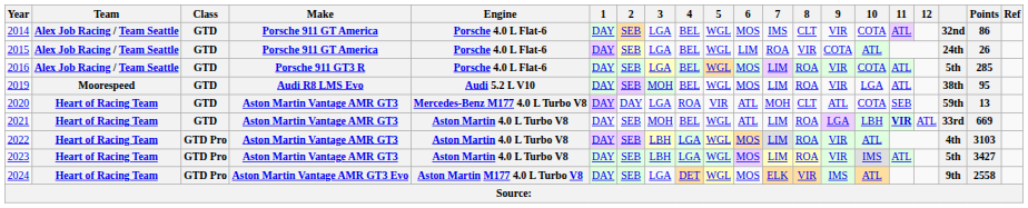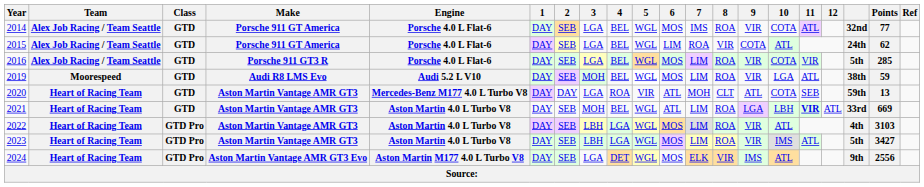 <table class="wikitable" style="text-align:center; font-size:85%">
 <tr>
 <th>Year</th>
 <th>Team</th>
 <th>Class</th>
 <th>Make</th>
 <th>Engine</th>
 <th>1</th>
 <th>2</th>
 <th>3</th>
 <th>4</th>
 <th>5</th>
 <th>6</th>
 <th>7</th>
 <th>8</th>
 <th>9</th>
 <th>10</th>
 <th>11</th>
 <th>12</th>
 <th></th>
 <th>Points</th>
 <th>Ref</th>
 </tr>
 <tr>
 <td><a href='#'>2014</a></td>
 <th nowrap><a href='#'>Alex Job Racing</a> / <a href='#'>Team Seattle</a></th>
 <th>GTD</th>
 <th nowrap><a href='#'>Porsche 911 GT America</a></th>
 <th nowrap><a href='#'>Porsche</a> 4.0 L Flat-6</th>
 <td style="background:#dfffdf;"><a href='#'>DAY</a><br></td>
 <td style="background:#ffdf9f;"><a href='#'>SEB</a><br></td>
 <td><a href='#'>LGA</a></td>
 <td><a href='#'>BEL</a></td>
 <td><a href='#'>WGL</a></td>
 <td><a href='#'>MOS</a></td>
 <td><a href='#'>IMS</a></td>
-<td><a href='#'>CLT</a></td>
+<td><a href='#'>ROA</a></td>
 <td><a href='#'>VIR</a></td>
 <td><a href='#'>COTA</a></td>
 <td style="background:#efcfff;"><a href='#'>ATL</a><br></td>
 <td></td>
 <th>32nd</th>
-<th>86</th>
+<th>77</th>
 <td></td>
 </tr>
 <tr>
 <td><a href='#'>2015</a></td>
 <th nowrap><a href='#'>Alex Job Racing</a> / <a href='#'>Team Seattle</a></th>
 <th>GTD</th>
 <th nowrap><a href='#'>Porsche 911 GT America</a></th>
 <th nowrap><a href='#'>Porsche</a> 4.0 L Flat-6</th>
 <td style="background:#efcfff;"><a href='#'>DAY</a><br></td>
 <td style="background:#ffffbf;"><a href='#'>SEB</a><br></td>
 <td><a href='#'>LGA</a></td>
 <td><a href='#'>BEL</a></td>
 <td><a href='#'>WGL</a></td>
 <td><a href='#'>LIM</a></td>
 <td><a href='#'>ROA</a></td>
 <td><a href='#'>VIR</a></td>
 <td><a href='#'>COTA</a></td>
 <td style="background:#dfffdf;"><a href='#'>ATL</a><br></td>
 <td colspan=2></td>
 <th>24th</th>
-<th>26</th>
+<th>62</th>
 <td></td>
 </tr>
 <tr>
 <td><a href='#'>2016</a></td>
 <th nowrap><a href='#'>Alex Job Racing</a> / <a href='#'>Team Seattle</a></th>
 <th>GTD</th>
 <th nowrap><a href='#'>Porsche 911 GT3 R</a></th>
 <th nowrap><a href='#'>Porsche</a> 4.0 L Flat-6</th>
 <td style="background:#dfffdf;"><a href='#'>DAY</a><br></td>
 <td style="background:#dfffdf;"><a href='#'>SEB</a><br></td>
 <td style="background:#ffffbf;"><a href='#'>LGA</a><br></td>
 <td style="background:#dfffdf;"><a href='#'>BEL</a><br></td>
 <td style="background:#ffdf9f;"><a href='#'>WGL</a><br></td>
 <td style="background:#dfffdf;"><a href='#'>MOS</a><br></td>
 <td style="background:#efcfff;"><a href='#'>LIM</a><br></td>
 <td style="background:#dfffdf;"><a href='#'>ROA</a><br></td>
 <td style="background:#dfffdf;"><a href='#'>VIR</a><br></td>
 <td style="background:#dfffdf;"><a href='#'>COTA</a><br></td>
-<td style="background:#dfffdf;"><a href='#'>ATL</a><br></td>
+<td style="background:#dfffdf;"><a href='#'>VIR</a><br></td>
 <td></td>
 <th>5th</th>
 <th>285</th>
 <td></td>
 </tr>
 <tr>
 <td><a href='#'>2019</a></td>
 <th>Moorespeed</th>
 <th>GTD</th>
 <th nowrap><a href='#'>Audi R8 LMS Evo</a></th>
 <th nowrap><a href='#'>Audi</a> 5.2 L V10</th>
 <td style="background:#dfffdf;"><a href='#'>DAY</a><br></td>
 <td style="background:#efcfff;"><a href='#'>SEB</a><br></td>
 <td style="background:#dfffdf;"><a href='#'>MOH</a><br></td>
 <td><a href='#'>BEL</a></td>
 <td style="background:#ffffff;"><a href='#'>WGL</a><br></td>
 <td><a href='#'>MOS</a></td>
 <td><a href='#'>LIM</a></td>
 <td><a href='#'>ROA</a></td>
 <td><a href='#'>VIR</a></td>
 <td><a href='#'>LGA</a></td>
 <td><a href='#'>ATL</a></td>
 <td></td>
 <th>38th</th>
-<th>95</th>
+<th>59</th>
 <td></td>
 </tr>
 <tr>
 <td><a href='#'>2020</a></td>
 <th nowrap><a href='#'>Heart of Racing Team</a></th>
 <th>GTD</th>
 <th nowrap><a href='#'>Aston Martin Vantage AMR GT3</a></th>
 <th nowrap><a href='#'>Mercedes-Benz M177</a> 4.0 L Turbo V8</th>
 <td style="background:#efcfff;"><a href='#'>DAY</a><br></td>
 <td><a href='#'>DAY</a></td>
 <td><a href='#'>LGA</a></td>
 <td><a href='#'>ROA</a></td>
 <td><a href='#'>VIR</a></td>
 <td><a href='#'>ATL</a></td>
 <td><a href='#'>MOH</a></td>
 <td><a href='#'>CLT</a></td>
 <td><a href='#'>ATL</a></td>
 <td><a href='#'>COTA</a></td>
 <td><a href='#'>SEB</a></td>
 <td></td>
 <th>59th</th>
 <th>13</th>
 <td></td>
 </tr>
 <tr>
 <td><a href='#'>2021</a></td>
 <th nowrap><a href='#'>Heart of Racing Team</a></th>
 <th>GTD</th>
 <th nowrap><a href='#'>Aston Martin Vantage AMR GT3</a></th>
 <th nowrap><a href='#'>Aston Martin</a> 4.0 L Turbo V8</th>
 <td><a href='#'>DAY</a></td>
 <td><a href='#'>SEB</a></td>
 <td><a href='#'>MOH</a></td>
 <td><a href='#'>BEL</a></td>
 <td><a href='#'>WGL</a></td>
 <td><a href='#'>ATL</a></td>
 <td><a href='#'>LIM</a></td>
 <td><a href='#'>ROA</a></td>
 <td style="background:#efcfff;"><a href='#'>LGA</a><br></td>
 <td style="background:#dfffdf;"><a href='#'>LBH</a><br></td>
 <td style="background:#dfffdf;"><strong><a href='#'>VIR</a><br></strong></td>
 <td><a href='#'>ATL</a></td>
 <th>33rd</th>
 <th>669</th>
 <td></td>
 </tr>
 <tr>
 <td><a href='#'>2022</a></td>
 <th nowrap><a href='#'>Heart of Racing Team</a></th>
 <th nowrap>GTD Pro</th>
 <th nowrap><a href='#'>Aston Martin Vantage AMR GT3</a></th>
 <th nowrap><a href='#'>Aston Martin</a> 4.0 L Turbo V8</th>
 <td style="background:#efcfff;"><a href='#'>DAY</a><br></td>
 <td style="background:#efcfff;"><a href='#'>SEB</a><br></td>
 <td style="background:#ffffbf;"><a href='#'>LBH</a><br></td>
 <td style="background:#dfffdf;"><a href='#'>LGA</a><br></td>
 <td style="background:#ffffbf;"><a href='#'>WGL</a><br></td>
 <td style="background:#ffdf9f;"><a href='#'>MOS</a><br></td>
 <td style="background:#DFDFDF;"><a href='#'>LIM</a><br></td>
 <td style="background:#dfffdf;"><a href='#'>ROA</a><br></td>
 <td style="background:#dfffdf;"><a href='#'>VIR</a><br></td>
 <td style="background:#dfffdf;"><a href='#'>ATL</a><br></td>
 <td colspan=2></td>
 <th>4th</th>
 <th>3103</th>
 <td></td>
 </tr>
 <tr>
 <td><a href='#'>2023</a></td>
 <th nowrap><a href='#'>Heart of Racing Team</a></th>
 <th nowrap>GTD Pro</th>
 <th nowrap><a href='#'>Aston Martin Vantage AMR GT3</a></th>
 <th nowrap><a href='#'>Aston Martin</a> 4.0 L Turbo V8</th>
 <td style="background:#dfffdf;"><a href='#'>DAY</a><br></td>
 <td style="background:#dfffdf;"><a href='#'>SEB</a><br></td>
 <td style="background:#dfffdf;"><a href='#'>LBH</a><br></td>
 <td style="background:#dfffdf;"><a href='#'>LGA</a><br></td>
 <td style="background:#dfffdf;"><a href='#'>WGL</a><br></td>
 <td style="background:#EFCFFF;"><a href='#'>MOS</a><br></td>
 <td style="background:#FFFFBF;”"><a href='#'>LIM</a><br></td>
 <td style="background:#FFFFBF;”"><a href='#'>ROA</a><br></td>
 <td style="background:#dfffdf;"><a href='#'>VIR</a><br></td>
 <td style="background:#DFDFDF;"><a href='#'>IMS</a><br></td>
 <td style="background:#dfffdf;"><a href='#'>ATL</a><br></td>
 <td></td>
 <th>5th</th>
 <th>3427</th>
 <td></td>
 </tr>
 <tr>
 <td><a href='#'>2024</a></td>
 <th nowrap><a href='#'>Heart of Racing Team</a></th>
 <th nowrap>GTD Pro</th>
 <th nowrap><a href='#'>Aston Martin Vantage AMR GT3 Evo</a></th>
 <th nowrap><a href='#'>Aston Martin</a> <a href='#'>M177</a> 4.0 L Turbo <a href='#'>V8</a></th>
 <td style="background:#dfffdf;"><a href='#'>DAY</a><br></td>
 <td style="background:#dfffdf;"><a href='#'>SEB</a><br></td>
 <td><a href='#'>LGA</a><br></td>
 <td style="background:#ffdf9f;"><a href='#'>DET</a><br></td>
 <td style="background:#FFFFBF;”"><a href='#'>WGL</a><br></td>
 <td><a href='#'>MOS</a><br></td>
 <td style="background:#ffdf9f;"><a href='#'>ELK</a><br></td>
 <td style="background:#ffdf9f;"><a href='#'>VIR</a><br></td>
 <td style="background:#dfffdf;"><a href='#'>IMS</a><br></td>
 <td style="background:#ffdf9f;"><a href='#'>ATL</a><br></td>
 <td></td>
 <td></td>
 <th>9th</th>
-<th>2558</th>
+<th>2556</th>
 <td></td>
 </tr>
 <tr>
 <th colspan="20">Source:</th>
 </tr>
 </table>
